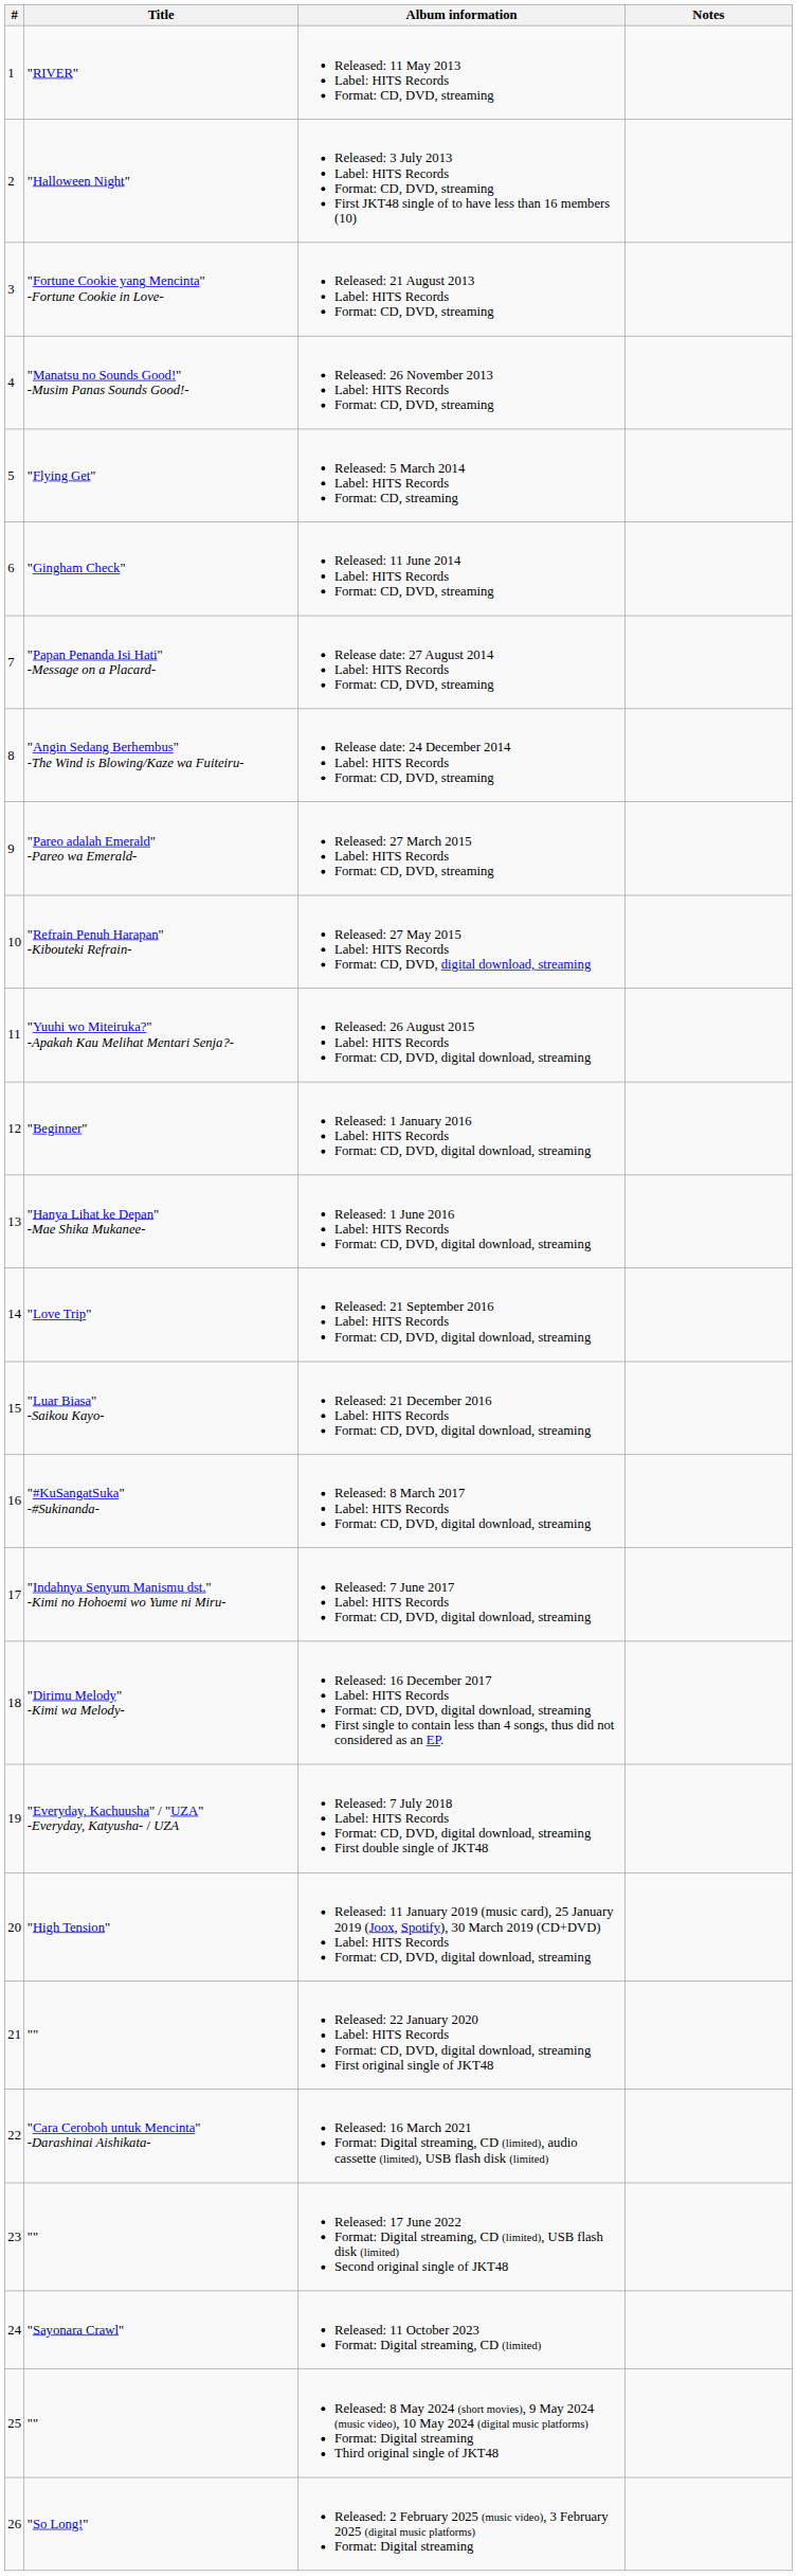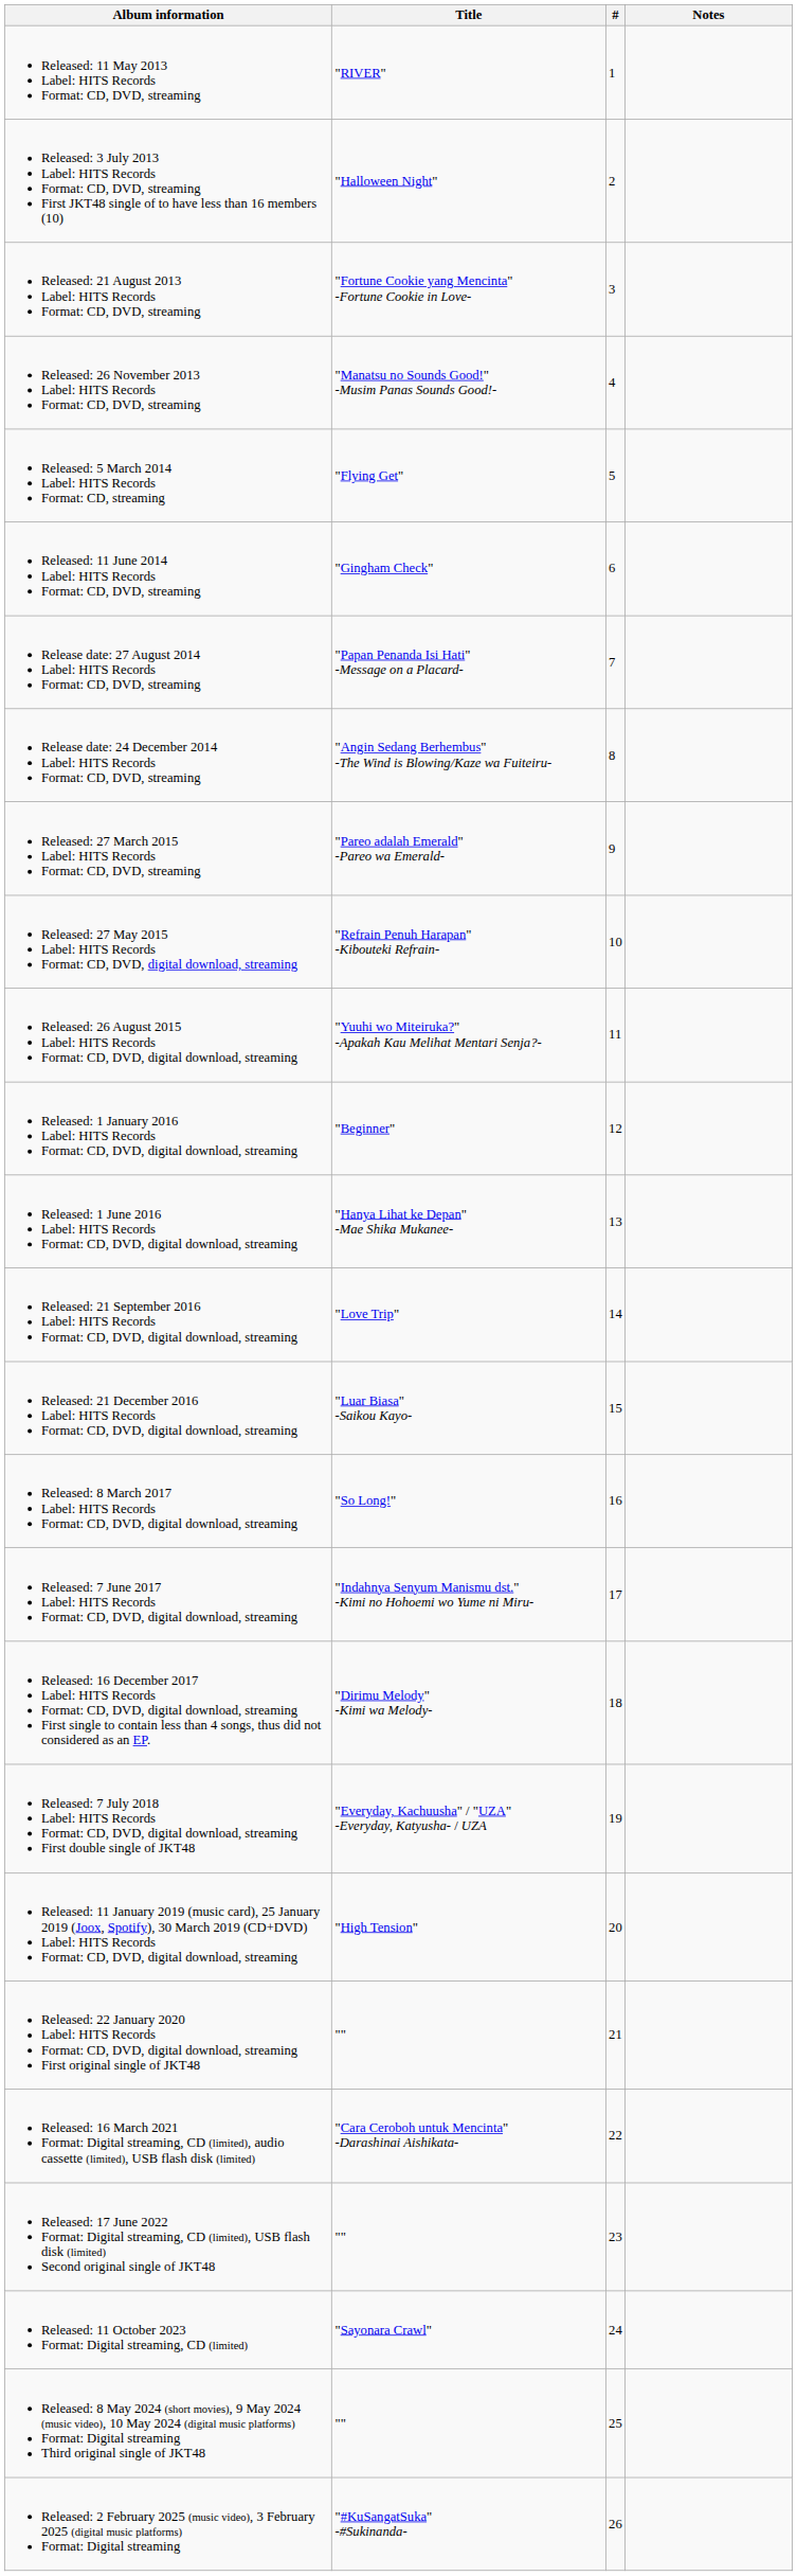 <table class="wikitable">
 <tr>
+<th style="width:24em;">Album information</th>
+<th style="width:20em;">Title</th>
 <th style="width:1em;">#</th>
-<th style="width:20em;">Title</th>
-<th style="width:24em;">Album information</th>
 <th style="width:12em;">Notes</th>
 </tr>
 <tr>
+<td><br><ul><li>Released: 11 May 2013</li><li>Label: HITS Records</li><li>Format: CD, DVD, streaming</li></ul></td>
+<td>"<a href='#'>RIVER</a>"</td>
 <td>1</td>
-<td>"<a href='#'>RIVER</a>"</td>
-<td><br><ul><li>Released: 11 May 2013</li><li>Label: HITS Records</li><li>Format: CD, DVD, streaming</li></ul></td>
 <td></td>
 </tr>
 <tr>
+<td><br><ul><li>Released: 3 July 2013</li><li>Label: HITS Records</li><li>Format: CD, DVD, streaming</li><li>First JKT48 single of to have less than 16 members (10)</li></ul></td>
+<td>"<a href='#'>Halloween Night</a>"</td>
 <td>2</td>
-<td>"<a href='#'>Halloween Night</a>"</td>
-<td><br><ul><li>Released: 3 July 2013</li><li>Label: HITS Records</li><li>Format: CD, DVD, streaming</li><li>First JKT48 single of to have less than 16 members (10)</li></ul></td>
 <td></td>
 </tr>
 <tr>
+<td><br><ul><li>Released: 21 August 2013</li><li>Label: HITS Records</li><li>Format: CD, DVD, streaming</li></ul></td>
+<td>"<a href='#'>Fortune Cookie yang Mencinta</a>"<br><em>-Fortune Cookie in Love-</em></td>
 <td>3</td>
-<td>"<a href='#'>Fortune Cookie yang Mencinta</a>"<br><em>-Fortune Cookie in Love-</em></td>
-<td><br><ul><li>Released: 21 August 2013</li><li>Label: HITS Records</li><li>Format: CD, DVD, streaming</li></ul></td>
 <td></td>
 </tr>
 <tr>
+<td><br><ul><li>Released: 26 November 2013</li><li>Label: HITS Records</li><li>Format: CD, DVD, streaming</li></ul></td>
+<td>"<a href='#'>Manatsu no Sounds Good!</a>"<br><em>-Musim Panas Sounds Good!-</em></td>
 <td>4</td>
-<td>"<a href='#'>Manatsu no Sounds Good!</a>"<br><em>-Musim Panas Sounds Good!-</em></td>
-<td><br><ul><li>Released: 26 November 2013</li><li>Label: HITS Records</li><li>Format: CD, DVD, streaming</li></ul></td>
 <td></td>
 </tr>
 <tr>
+<td><br><ul><li>Released: 5 March 2014</li><li>Label: HITS Records</li><li>Format: CD, streaming</li></ul></td>
+<td>"<a href='#'>Flying Get</a>"</td>
 <td>5</td>
-<td>"<a href='#'>Flying Get</a>"</td>
-<td><br><ul><li>Released: 5 March 2014</li><li>Label: HITS Records</li><li>Format: CD, streaming</li></ul></td>
 <td></td>
 </tr>
 <tr>
+<td><br><ul><li>Released: 11 June 2014</li><li>Label: HITS Records</li><li>Format: CD, DVD, streaming</li></ul></td>
+<td>"<a href='#'>Gingham Check</a>"</td>
 <td>6</td>
-<td>"<a href='#'>Gingham Check</a>"</td>
-<td><br><ul><li>Released: 11 June 2014</li><li>Label: HITS Records</li><li>Format: CD, DVD, streaming</li></ul></td>
 <td></td>
 </tr>
 <tr>
+<td><br><ul><li>Release date: 27 August 2014</li><li>Label: HITS Records</li><li>Format: CD, DVD, streaming</li></ul></td>
+<td>"<a href='#'>Papan Penanda Isi Hati</a>"<br><em>-Message on a Placard-</em></td>
 <td>7</td>
-<td>"<a href='#'>Papan Penanda Isi Hati</a>"<br><em>-Message on a Placard-</em></td>
-<td><br><ul><li>Release date: 27 August 2014</li><li>Label: HITS Records</li><li>Format: CD, DVD, streaming</li></ul></td>
 <td></td>
 </tr>
 <tr>
+<td><br><ul><li>Release date: 24 December 2014</li><li>Label: HITS Records</li><li>Format: CD, DVD, streaming</li></ul></td>
+<td>"<a href='#'>Angin Sedang Berhembus</a>"<br><em>-The Wind is Blowing/Kaze wa Fuiteiru-</em></td>
 <td>8</td>
-<td>"<a href='#'>Angin Sedang Berhembus</a>"<br><em>-The Wind is Blowing/Kaze wa Fuiteiru-</em></td>
-<td><br><ul><li>Release date: 24 December 2014</li><li>Label: HITS Records</li><li>Format: CD, DVD, streaming</li></ul></td>
 <td></td>
 </tr>
 <tr>
+<td><br><ul><li>Released: 27 March 2015</li><li>Label: HITS Records</li><li>Format: CD, DVD, streaming</li></ul></td>
+<td>"<a href='#'>Pareo adalah Emerald</a>"<br><em>-Pareo wa Emerald-</em></td>
 <td>9</td>
-<td>"<a href='#'>Pareo adalah Emerald</a>"<br><em>-Pareo wa Emerald-</em></td>
-<td><br><ul><li>Released: 27 March 2015</li><li>Label: HITS Records</li><li>Format: CD, DVD, streaming</li></ul></td>
 <td></td>
 </tr>
 <tr>
+<td><br><ul><li>Released: 27 May 2015</li><li>Label: HITS Records</li><li>Format: CD, DVD, <a href='#'>digital download, streaming</a></li></ul></td>
+<td>"<a href='#'>Refrain Penuh Harapan</a>"<br><em>-Kibouteki Refrain-</em></td>
 <td>10</td>
-<td>"<a href='#'>Refrain Penuh Harapan</a>"<br><em>-Kibouteki Refrain-</em></td>
-<td><br><ul><li>Released: 27 May 2015</li><li>Label: HITS Records</li><li>Format: CD, DVD, <a href='#'>digital download, streaming</a></li></ul></td>
 <td></td>
 </tr>
 <tr>
+<td><br><ul><li>Released: 26 August 2015</li><li>Label: HITS Records</li><li>Format: CD, DVD, digital download, streaming</li></ul></td>
+<td>"<a href='#'>Yuuhi wo Miteiruka?</a>"<br><em>-Apakah Kau Melihat Mentari Senja?-</em></td>
 <td>11</td>
-<td>"<a href='#'>Yuuhi wo Miteiruka?</a>"<br><em>-Apakah Kau Melihat Mentari Senja?-</em></td>
-<td><br><ul><li>Released: 26 August 2015</li><li>Label: HITS Records</li><li>Format: CD, DVD, digital download, streaming</li></ul></td>
 <td></td>
 </tr>
 <tr>
+<td><br><ul><li>Released: 1 January 2016</li><li>Label: HITS Records</li><li>Format: CD, DVD, digital download, streaming</li></ul></td>
+<td>"<a href='#'>Beginner</a>"</td>
 <td>12</td>
-<td>"<a href='#'>Beginner</a>"</td>
-<td><br><ul><li>Released: 1 January 2016</li><li>Label: HITS Records</li><li>Format: CD, DVD, digital download, streaming</li></ul></td>
 <td></td>
 </tr>
 <tr>
+<td><br><ul><li>Released: 1 June 2016</li><li>Label: HITS Records</li><li>Format: CD, DVD, digital download, streaming</li></ul></td>
+<td>"<a href='#'>Hanya Lihat ke Depan</a>"<br><em>-Mae Shika Mukanee-</em></td>
 <td>13</td>
-<td>"<a href='#'>Hanya Lihat ke Depan</a>"<br><em>-Mae Shika Mukanee-</em></td>
-<td><br><ul><li>Released: 1 June 2016</li><li>Label: HITS Records</li><li>Format: CD, DVD, digital download, streaming</li></ul></td>
 <td></td>
 </tr>
 <tr>
+<td><br><ul><li>Released: 21 September 2016</li><li>Label: HITS Records</li><li>Format: CD, DVD, digital download, streaming</li></ul></td>
+<td>"<a href='#'>Love Trip</a>"</td>
 <td>14</td>
-<td>"<a href='#'>Love Trip</a>"</td>
-<td><br><ul><li>Released: 21 September 2016</li><li>Label: HITS Records</li><li>Format: CD, DVD, digital download, streaming</li></ul></td>
 <td></td>
 </tr>
 <tr>
+<td><br><ul><li>Released: 21 December 2016</li><li>Label: HITS Records</li><li>Format: CD, DVD, digital download, streaming</li></ul></td>
+<td>"<a href='#'>Luar Biasa</a>"<br><em>-Saikou Kayo-</em></td>
 <td>15</td>
-<td>"<a href='#'>Luar Biasa</a>"<br><em>-Saikou Kayo-</em></td>
-<td><br><ul><li>Released: 21 December 2016</li><li>Label: HITS Records</li><li>Format: CD, DVD, digital download, streaming</li></ul></td>
 <td></td>
 </tr>
 <tr>
+<td><br><ul><li>Released: 8 March 2017</li><li>Label: HITS Records</li><li>Format: CD, DVD, digital download, streaming</li></ul></td>
+<td>"<a href='#'>So Long!</a>"</td>
 <td>16</td>
-<td>"<a href='#'>#KuSangatSuka</a>"<br><em>-#Sukinanda-</em></td>
-<td><br><ul><li>Released: 8 March 2017</li><li>Label: HITS Records</li><li>Format: CD, DVD, digital download, streaming</li></ul></td>
 <td></td>
 </tr>
 <tr>
+<td><br><ul><li>Released: 7 June 2017</li><li>Label: HITS Records</li><li>Format: CD, DVD, digital download, streaming</li></ul></td>
+<td>"<a href='#'>Indahnya Senyum Manismu dst.</a>"<br><em>-Kimi no Hohoemi wo Yume ni Miru-</em></td>
 <td>17</td>
-<td>"<a href='#'>Indahnya Senyum Manismu dst.</a>"<br><em>-Kimi no Hohoemi wo Yume ni Miru-</em></td>
-<td><br><ul><li>Released: 7 June 2017</li><li>Label: HITS Records</li><li>Format: CD, DVD, digital download, streaming</li></ul></td>
 <td></td>
 </tr>
 <tr>
+<td><br><ul><li>Released: 16 December 2017</li><li>Label: HITS Records</li><li>Format: CD, DVD, digital download, streaming</li><li>First single to contain less than 4 songs, thus did not considered as an <a href='#'>EP</a>.</li></ul></td>
+<td>"<a href='#'>Dirimu Melody</a>"<br><em>-Kimi wa Melody-</em></td>
 <td>18</td>
-<td>"<a href='#'>Dirimu Melody</a>"<br><em>-Kimi wa Melody-</em></td>
-<td><br><ul><li>Released: 16 December 2017</li><li>Label: HITS Records</li><li>Format: CD, DVD, digital download, streaming</li><li>First single to contain less than 4 songs, thus did not considered as an <a href='#'>EP</a>.</li></ul></td>
 <td></td>
 </tr>
 <tr>
+<td><br><ul><li>Released: 7 July 2018</li><li>Label: HITS Records</li><li>Format: CD, DVD, digital download, streaming</li><li>First double single of JKT48</li></ul></td>
+<td>"<a href='#'>Everyday, Kachuusha</a>" / "<a href='#'>UZA</a>"<br><em>-Everyday, Katyusha</em>- / <em>UZA</em></td>
 <td>19</td>
-<td>"<a href='#'>Everyday, Kachuusha</a>" / "<a href='#'>UZA</a>"<br><em>-Everyday, Katyusha</em>- / <em>UZA</em></td>
-<td><br><ul><li>Released: 7 July 2018</li><li>Label: HITS Records</li><li>Format: CD, DVD, digital download, streaming</li><li>First double single of JKT48</li></ul></td>
 <td></td>
 </tr>
 <tr>
+<td><br><ul><li>Released: 11 January 2019 (music card), 25 January 2019 (<a href='#'>Joox</a>, <a href='#'>Spotify</a>), 30 March 2019 (CD+DVD)</li><li>Label: HITS Records</li><li>Format: CD, DVD, digital download, streaming</li></ul></td>
+<td>"<a href='#'>High Tension</a>"</td>
 <td>20</td>
-<td>"<a href='#'>High Tension</a>"</td>
-<td><br><ul><li>Released: 11 January 2019 (music card), 25 January 2019 (<a href='#'>Joox</a>, <a href='#'>Spotify</a>), 30 March 2019 (CD+DVD)</li><li>Label: HITS Records</li><li>Format: CD, DVD, digital download, streaming</li></ul></td>
 <td></td>
 </tr>
 <tr>
+<td><br><ul><li>Released: 22 January 2020</li><li>Label: HITS Records</li><li>Format: CD, DVD, digital download, streaming</li><li>First original single of JKT48</li></ul></td>
+<td>""</td>
 <td>21</td>
-<td>""</td>
-<td><br><ul><li>Released: 22 January 2020</li><li>Label: HITS Records</li><li>Format: CD, DVD, digital download, streaming</li><li>First original single of JKT48</li></ul></td>
 <td></td>
 </tr>
 <tr>
+<td><br><ul><li>Released: 16 March 2021</li><li>Format: Digital streaming, CD <small>(limited)</small>, audio cassette <small>(limited)</small>, USB flash disk <small>(limited)</small></li></ul></td>
+<td>"<a href='#'>Cara Ceroboh untuk Mencinta</a>"<br><em>-Darashinai Aishikata-</em></td>
 <td>22</td>
-<td>"<a href='#'>Cara Ceroboh untuk Mencinta</a>"<br><em>-Darashinai Aishikata-</em></td>
-<td><br><ul><li>Released: 16 March 2021</li><li>Format: Digital streaming, CD <small>(limited)</small>, audio cassette <small>(limited)</small>, USB flash disk <small>(limited)</small></li></ul></td>
 <td></td>
 </tr>
 <tr>
+<td><br><ul><li>Released: 17 June 2022</li><li>Format: Digital streaming, CD <small>(limited)</small>, USB flash disk <small>(limited)</small></li><li>Second original single of JKT48</li></ul></td>
+<td>""</td>
 <td>23</td>
-<td>""</td>
-<td><br><ul><li>Released: 17 June 2022</li><li>Format: Digital streaming, CD <small>(limited)</small>, USB flash disk <small>(limited)</small></li><li>Second original single of JKT48</li></ul></td>
 <td></td>
 </tr>
 <tr>
+<td><br><ul><li>Released: 11 October 2023</li><li>Format: Digital streaming, CD <small>(limited)</small></li></ul></td>
+<td>"<a href='#'>Sayonara Crawl</a>"</td>
 <td>24</td>
-<td>"<a href='#'>Sayonara Crawl</a>"</td>
-<td><br><ul><li>Released: 11 October 2023</li><li>Format: Digital streaming, CD <small>(limited)</small></li></ul></td>
 <td></td>
 </tr>
 <tr>
+<td><br><ul><li>Released: 8 May 2024 <small>(short movies)</small>, 9 May 2024 <small>(music video)</small>, 10 May 2024 <small>(digital music platforms)</small></li><li>Format: Digital streaming</li><li>Third original single of JKT48</li></ul></td>
+<td>""</td>
 <td>25</td>
-<td>""</td>
-<td><br><ul><li>Released: 8 May 2024 <small>(short movies)</small>, 9 May 2024 <small>(music video)</small>, 10 May 2024 <small>(digital music platforms)</small></li><li>Format: Digital streaming</li><li>Third original single of JKT48</li></ul></td>
 <td></td>
 </tr>
 <tr>
+<td><br><ul><li>Released: 2 February 2025 <small>(music video)</small>, 3 February 2025 <small>(digital music platforms)</small></li><li>Format: Digital streaming</li></ul></td>
+<td>"<a href='#'>#KuSangatSuka</a>"<br><em>-#Sukinanda-</em></td>
 <td>26</td>
-<td>"<a href='#'>So Long!</a>"</td>
-<td><br><ul><li>Released: 2 February 2025 <small>(music video)</small>, 3 February 2025 <small>(digital music platforms)</small></li><li>Format: Digital streaming</li></ul></td>
 <td></td>
 </tr>
 </table>
